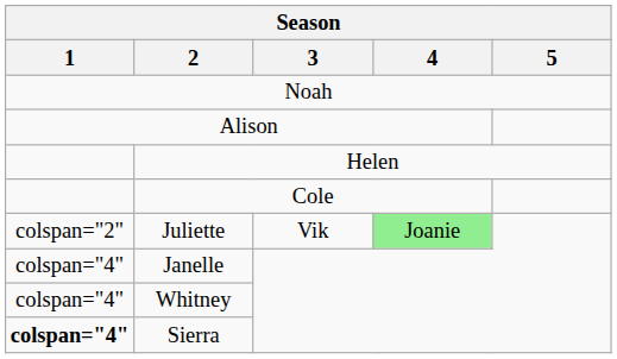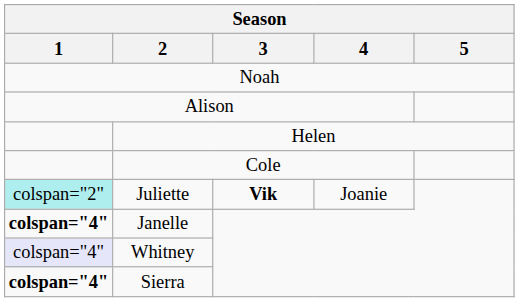 <table class="wikitable" style="text-align:center;">
 <tr>
 <th colspan="5">Season</th>
 </tr>
 <tr>
 <th style="width:80px;">1</th>
 <th style="width:80px;">2</th>
 <th style="width:80px;">3</th>
 <th style="width:80px;">4</th>
 <th style="width:80px;">5</th>
 </tr>
 <tr>
 <td colspan="5">Noah</td>
 </tr>
 <tr>
 <td colspan="4">Alison</td>
 <td></td>
 </tr>
 <tr>
 <td></td>
 <td colspan="4">Helen</td>
 </tr>
 <tr>
 <td></td>
 <td colspan="3">Cole</td>
 <td></td>
 </tr>
 <tr>
-<td>colspan="2" </td>
+<td style="background: paleturquoise;">colspan="2" </td>
 <td>Juliette</td>
-<td>Vik</td>
-<td style="background: lightgreen;">Joanie</td>
+<td><strong>Vik</strong></td>
+<td>Joanie</td>
 </tr>
 <tr>
-<td>colspan="4" </td>
+<td><strong>colspan="4" </strong></td>
 <td>Janelle</td>
 </tr>
 <tr>
-<td>colspan="4" </td>
+<td style="background: lavender;">colspan="4" </td>
 <td>Whitney</td>
 </tr>
 <tr>
 <td><strong>colspan="4" </strong></td>
 <td>Sierra</td>
 </tr>
 </table>
